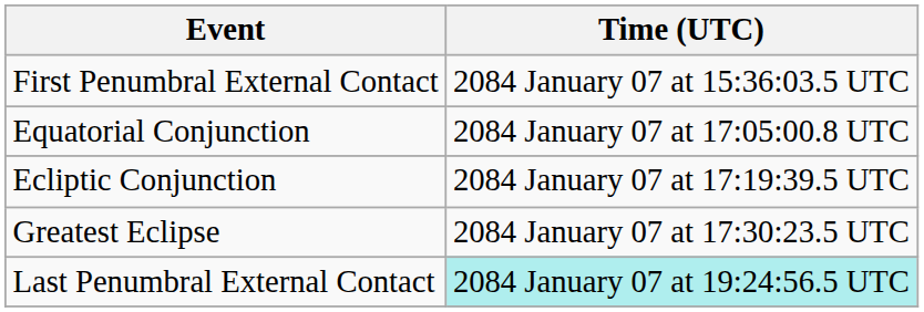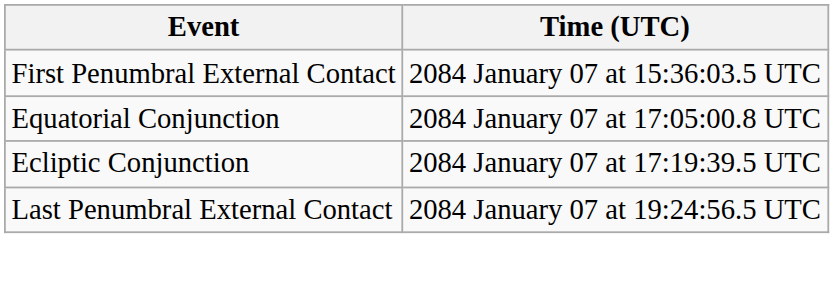 <table class="wikitable">
 <tr>
 <th>Event</th>
 <th>Time (UTC)</th>
 </tr>
 <tr>
 <td>First Penumbral External Contact</td>
 <td>2084 January 07 at 15:36:03.5 UTC</td>
 </tr>
 <tr>
 <td>Equatorial Conjunction</td>
 <td>2084 January 07 at 17:05:00.8 UTC</td>
 </tr>
 <tr>
 <td>Ecliptic Conjunction</td>
 <td>2084 January 07 at 17:19:39.5 UTC</td>
 </tr>
 <tr>
-<td>Greatest Eclipse</td>
-<td>2084 January 07 at 17:30:23.5 UTC</td>
-</tr>
-<tr>
 <td>Last Penumbral External Contact</td>
-<td style="background: paleturquoise;">2084 January 07 at 19:24:56.5 UTC</td>
+<td>2084 January 07 at 19:24:56.5 UTC</td>
 </tr>
 </table>
